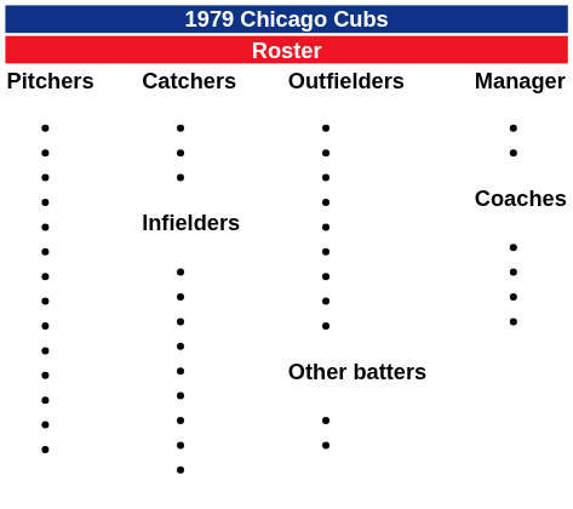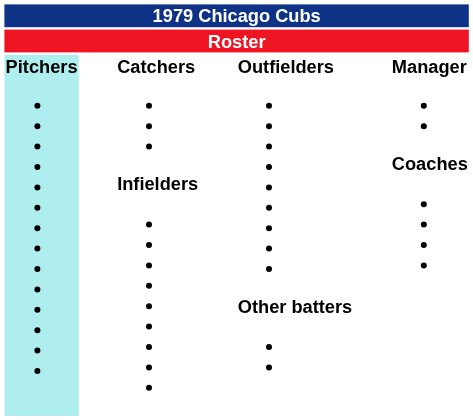 <table class="toccolours" style="font-size: 95%;">
 <tr>
 <th colspan="10" style="background-color: #0e3386; color: white; text-align: center;">1979 Chicago Cubs</th>
 </tr>
 <tr>
 <td colspan="10" style="background-color: #EE1422; color: white; text-align: center;"><strong>Roster</strong></td>
 </tr>
 <tr>
-<td valign="top"><strong>Pitchers</strong><br><ul><li></li><li></li><li></li><li></li><li></li><li></li><li></li><li></li><li></li><li></li><li></li><li></li><li></li><li></li></ul></td>
+<td valign="top" style="background: paleturquoise;"><strong>Pitchers</strong><br><ul><li></li><li></li><li></li><li></li><li></li><li></li><li></li><li></li><li></li><li></li><li></li><li></li><li></li><li></li></ul></td>
 <td width="25px"></td>
 <td valign="top"><strong>Catchers</strong><br><ul><li></li><li></li><li></li></ul><strong>Infielders</strong><ul><li></li><li></li><li></li><li></li><li></li><li></li><li></li><li></li><li></li></ul></td>
 <td width="25px"></td>
 <td valign="top"><strong>Outfielders</strong><br><ul><li></li><li></li><li></li><li></li><li></li><li></li><li></li><li></li><li></li></ul><strong>Other batters</strong><ul><li></li><li></li></ul></td>
 <td width="25px"></td>
 <td valign="top"><strong>Manager</strong><br><ul><li></li><li></li></ul><strong>Coaches</strong><ul><li></li><li></li><li></li><li></li></ul></td>
 </tr>
 </table>
